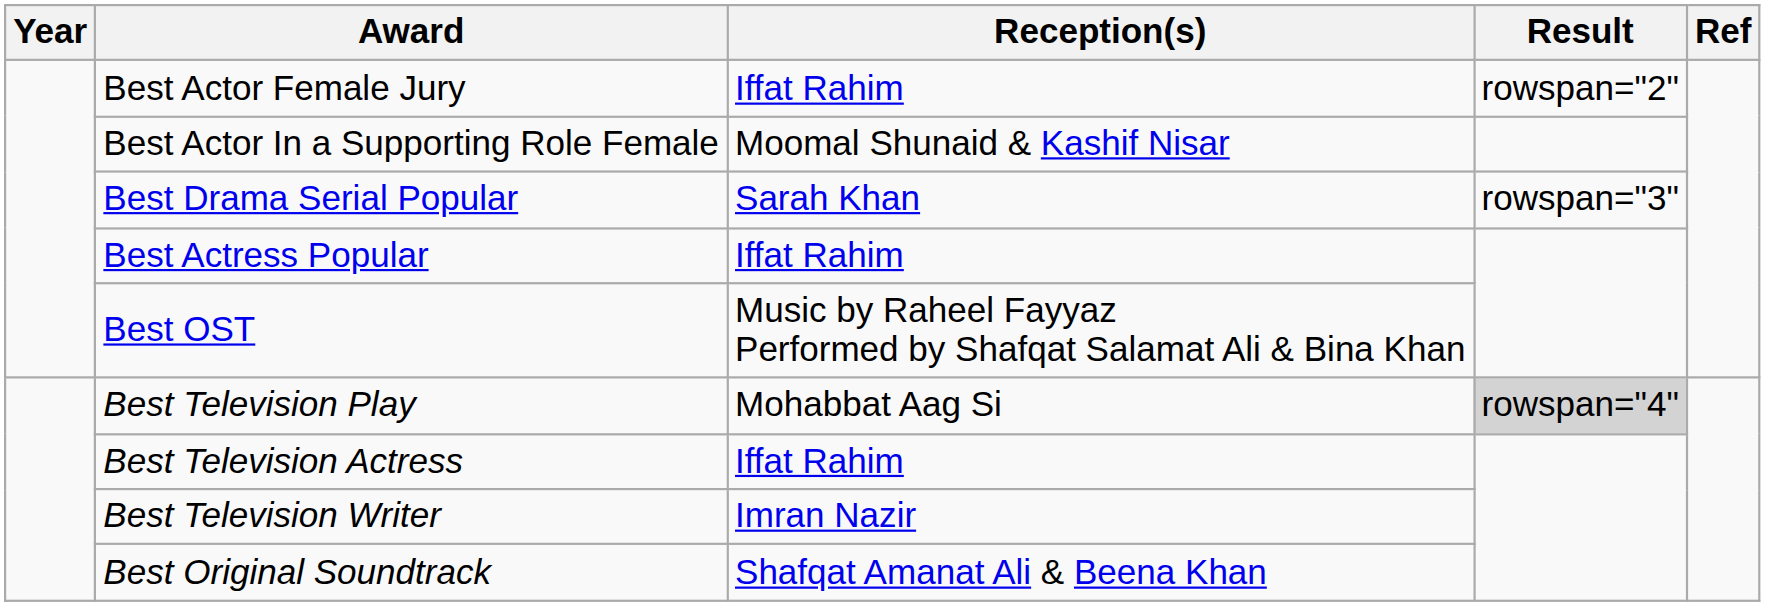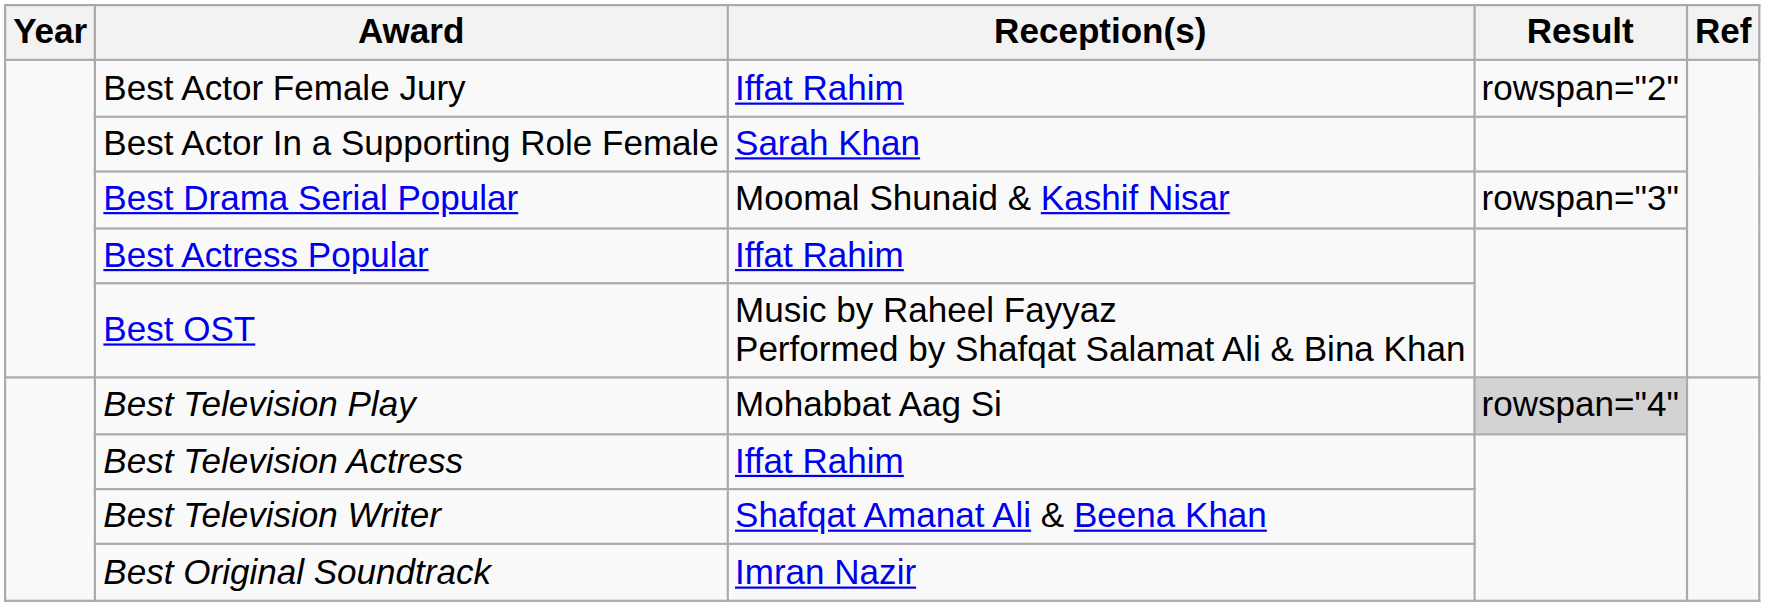 <table class=wikitable sortable>
 <tr>
 <th>Year</th>
 <th>Award</th>
 <th>Reception(s)</th>
 <th>Result</th>
 <th>Ref</th>
 </tr>
 <tr>
 <td rowspan="5"></td>
 <td>Best Actor Female Jury</td>
 <td><a href='#'>Iffat Rahim</a></td>
 <td>rowspan="2" </td>
 <td rowspan="5"></td>
 </tr>
 <tr>
 <td>Best Actor In a Supporting Role Female</td>
-<td>Moomal Shunaid & <a href='#'>Kashif Nisar</a></td>
+<td><a href='#'>Sarah Khan</a></td>
 </tr>
 <tr>
 <td><a href='#'>Best Drama Serial Popular</a></td>
-<td><a href='#'>Sarah Khan</a></td>
+<td>Moomal Shunaid & <a href='#'>Kashif Nisar</a></td>
 <td>rowspan="3"  </td>
 </tr>
 <tr>
 <td><a href='#'>Best Actress Popular</a></td>
 <td><a href='#'>Iffat Rahim</a></td>
 </tr>
 <tr>
 <td><a href='#'>Best OST</a></td>
 <td>Music by Raheel Fayyaz<br>Performed by Shafqat Salamat Ali & Bina Khan</td>
 </tr>
 <tr>
 <td rowspan="4"></td>
 <td><em>Best Television Play</em></td>
 <td>Mohabbat Aag Si</td>
 <td style="background: lightgrey;">rowspan="4"  </td>
 <td rowspan="4"></td>
 </tr>
 <tr>
 <td><em>Best Television Actress</em></td>
 <td><a href='#'>Iffat Rahim</a></td>
 </tr>
 <tr>
 <td><em>Best Television Writer</em></td>
-<td><a href='#'>Imran Nazir</a></td>
+<td><a href='#'>Shafqat Amanat Ali</a> & <a href='#'>Beena Khan</a></td>
 </tr>
 <tr>
 <td><em>Best Original Soundtrack</em></td>
-<td><a href='#'>Shafqat Amanat Ali</a> & <a href='#'>Beena Khan</a></td>
+<td><a href='#'>Imran Nazir</a></td>
 </tr>
 </table>
